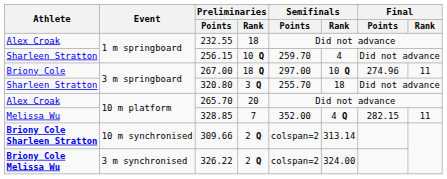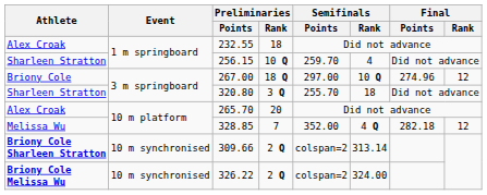 <table class="wikitable" style="text-align:center; font-size:90%">
 <tr>
 <th rowspan=2>Athlete</th>
 <th rowspan=2>Event</th>
 <th colspan=2>Preliminaries</th>
 <th colspan=2>Semifinals</th>
 <th colspan=2>Final</th>
 </tr>
 <tr style="font-size:95%">
 <th>Points</th>
 <th>Rank</th>
 <th>Points</th>
 <th>Rank</th>
 <th>Points</th>
 <th>Rank</th>
 </tr>
 <tr>
 <td align=left><a href='#'>Alex Croak</a></td>
 <td align=left rowspan=2>1 m springboard</td>
 <td>232.55</td>
 <td>18</td>
 <td colspan=4>Did not advance</td>
 </tr>
 <tr>
 <td align=left><a href='#'>Sharleen Stratton</a></td>
 <td>256.15</td>
 <td>10 <strong>Q</strong></td>
 <td>259.70</td>
 <td>4</td>
 <td colspan=2>Did not advance</td>
 </tr>
 <tr>
 <td align=left><a href='#'>Briony Cole</a></td>
 <td align=left rowspan=2>3 m springboard</td>
 <td>267.00</td>
 <td>18 <strong>Q</strong></td>
 <td>297.00</td>
 <td>10 <strong>Q</strong></td>
 <td>274.96</td>
-<td>11</td>
+<td>12</td>
 </tr>
 <tr>
 <td align=left><a href='#'>Sharleen Stratton</a></td>
 <td>320.80</td>
 <td>3 <strong>Q</strong></td>
 <td>255.70</td>
 <td>18</td>
 <td colspan=2>Did not advance</td>
 </tr>
 <tr>
 <td align=left><a href='#'>Alex Croak</a></td>
 <td align=left rowspan=2>10 m platform</td>
 <td>265.70</td>
 <td>20</td>
 <td colspan=4>Did not advance</td>
 </tr>
 <tr>
 <td align=left><a href='#'>Melissa Wu</a></td>
 <td>328.85</td>
 <td>7</td>
 <td>352.00</td>
 <td>4 <strong>Q</strong></td>
-<td>282.15</td>
-<td>11</td>
+<td>282.18</td>
+<td>12</td>
 </tr>
 <tr>
 <td align=left><strong><a href='#'>Briony Cole</a><br><a href='#'>Sharleen Stratton</a></strong></td>
 <td align=left>10 m synchronised</td>
 <td>309.66</td>
 <td>2 <strong>Q</strong></td>
 <td>colspan=2 </td>
 <td>313.14</td>
 <td></td>
 </tr>
 <tr>
 <td align=left><strong><a href='#'>Briony Cole</a><br><a href='#'>Melissa Wu</a></strong></td>
-<td align=left>3 m synchronised</td>
+<td align=left>10 m synchronised</td>
 <td>326.22</td>
 <td>2 <strong>Q</strong></td>
 <td>colspan=2 </td>
 <td>324.00</td>
 <td></td>
 </tr>
 </table>
